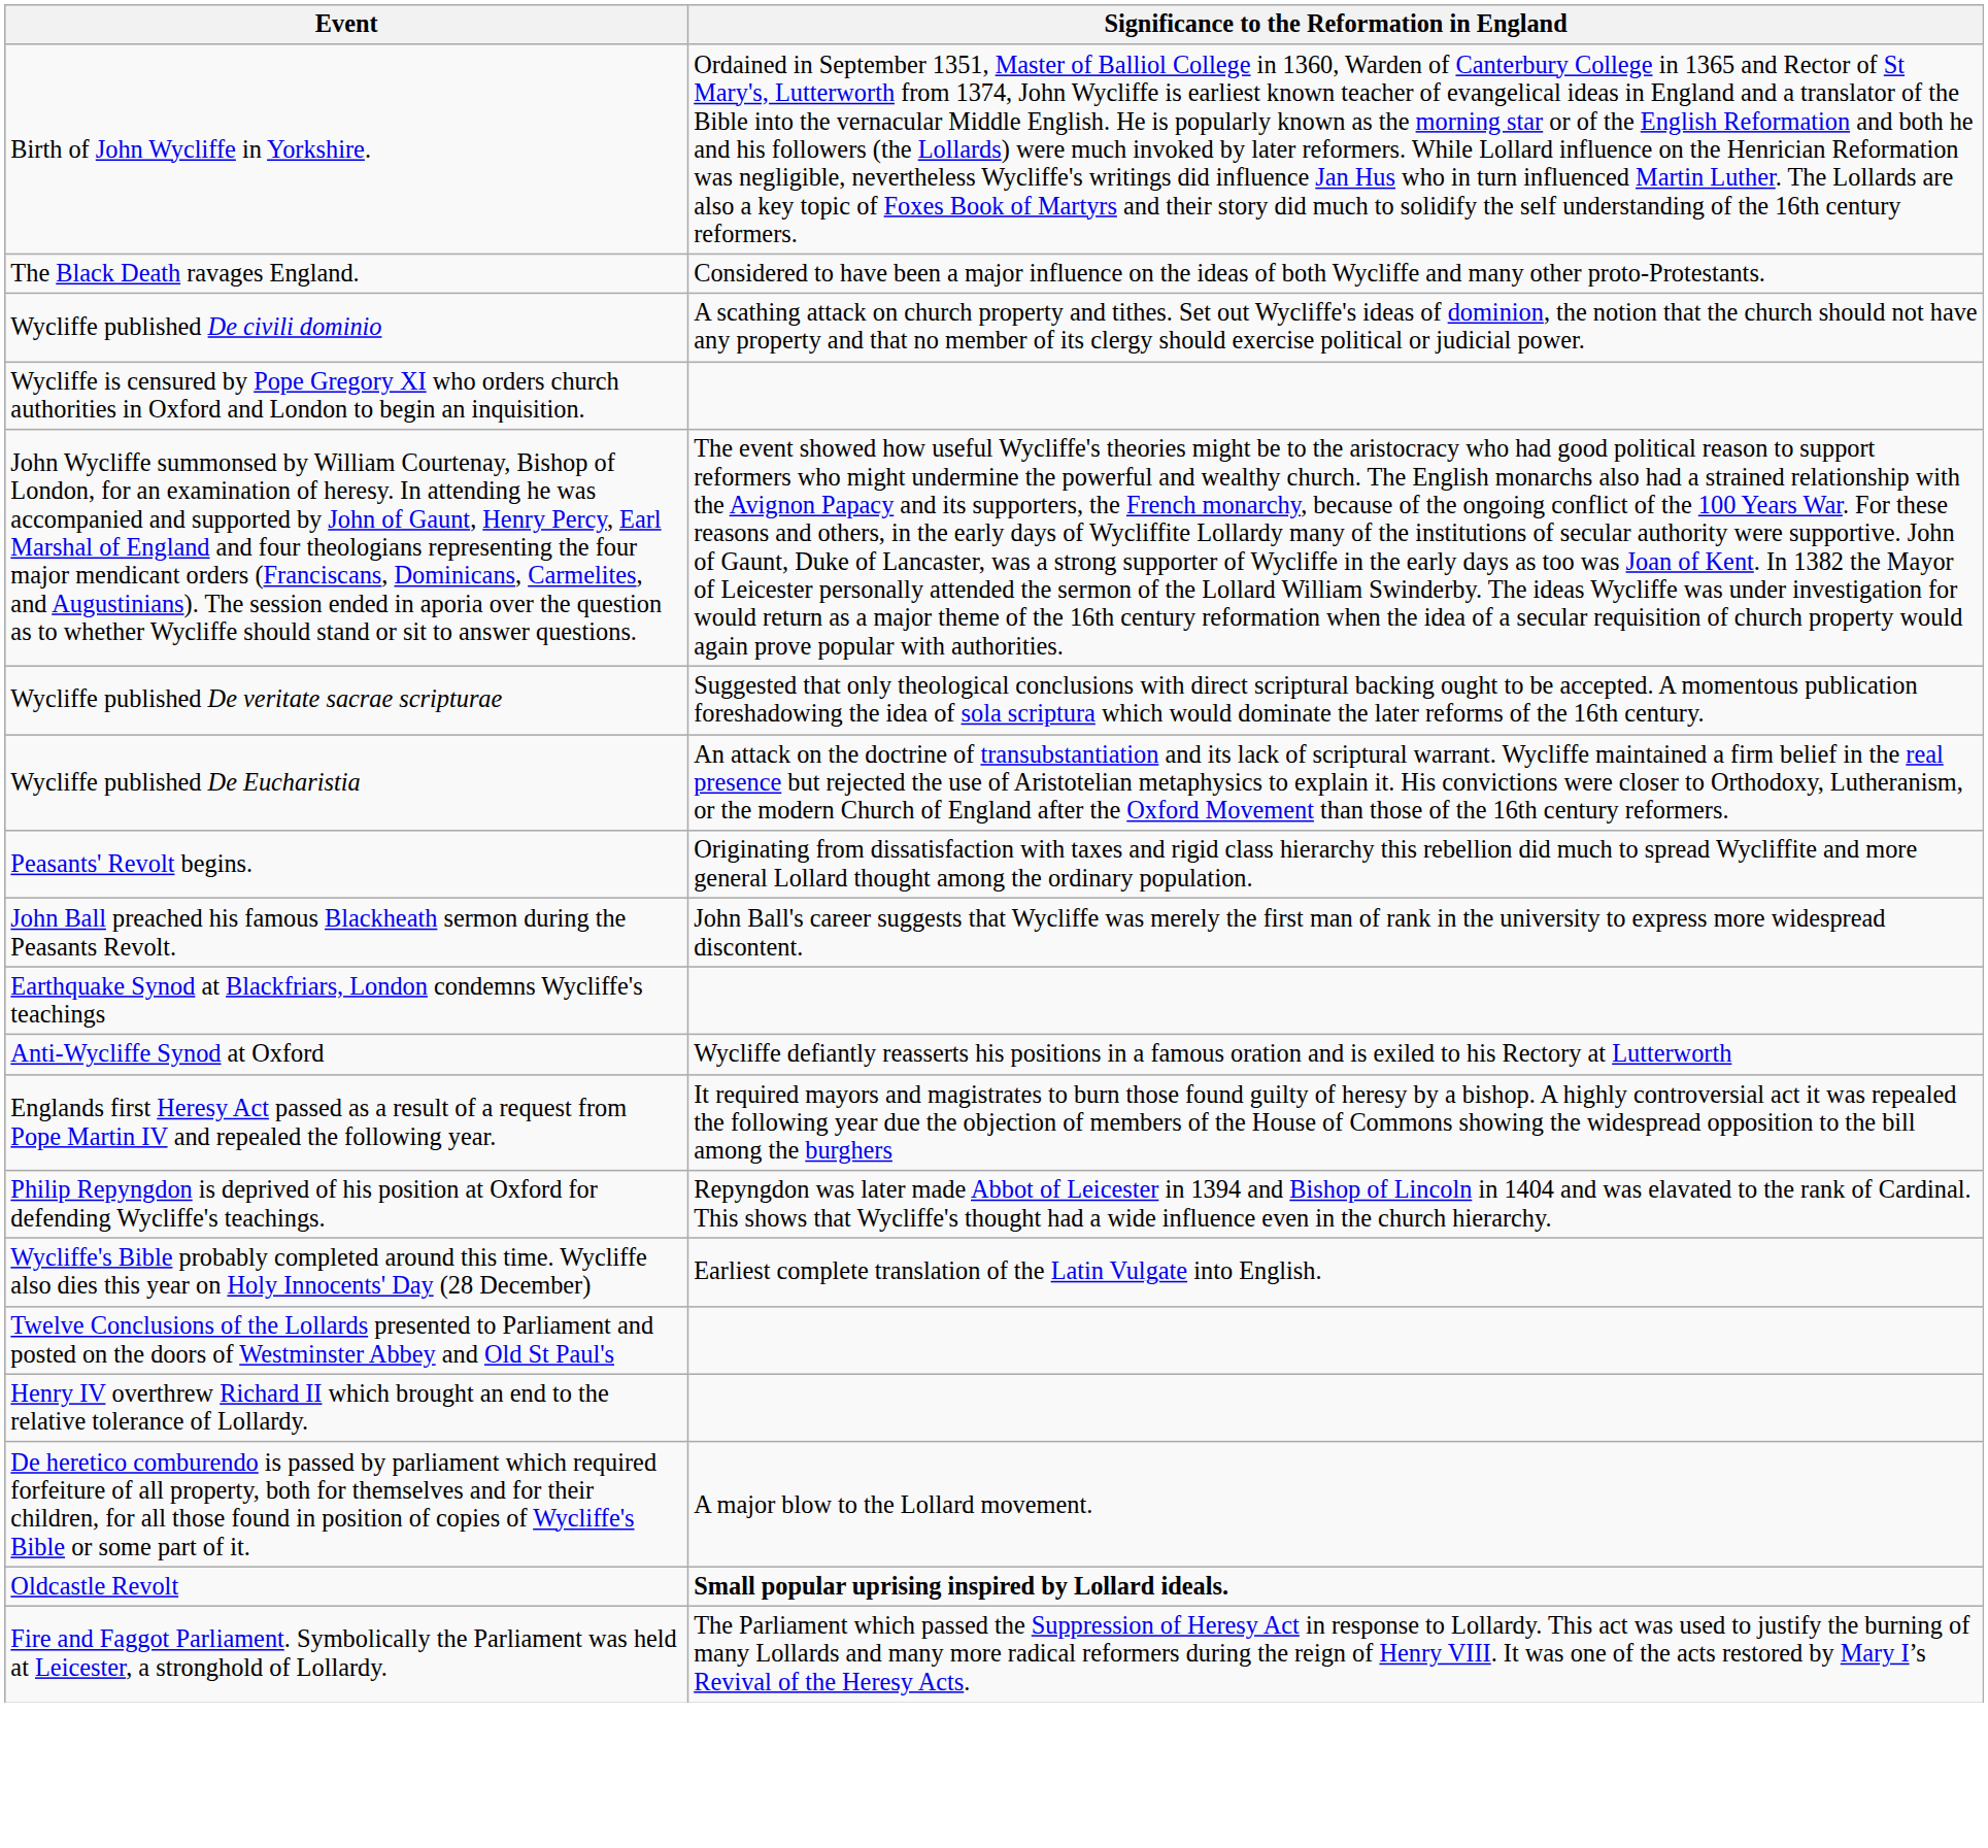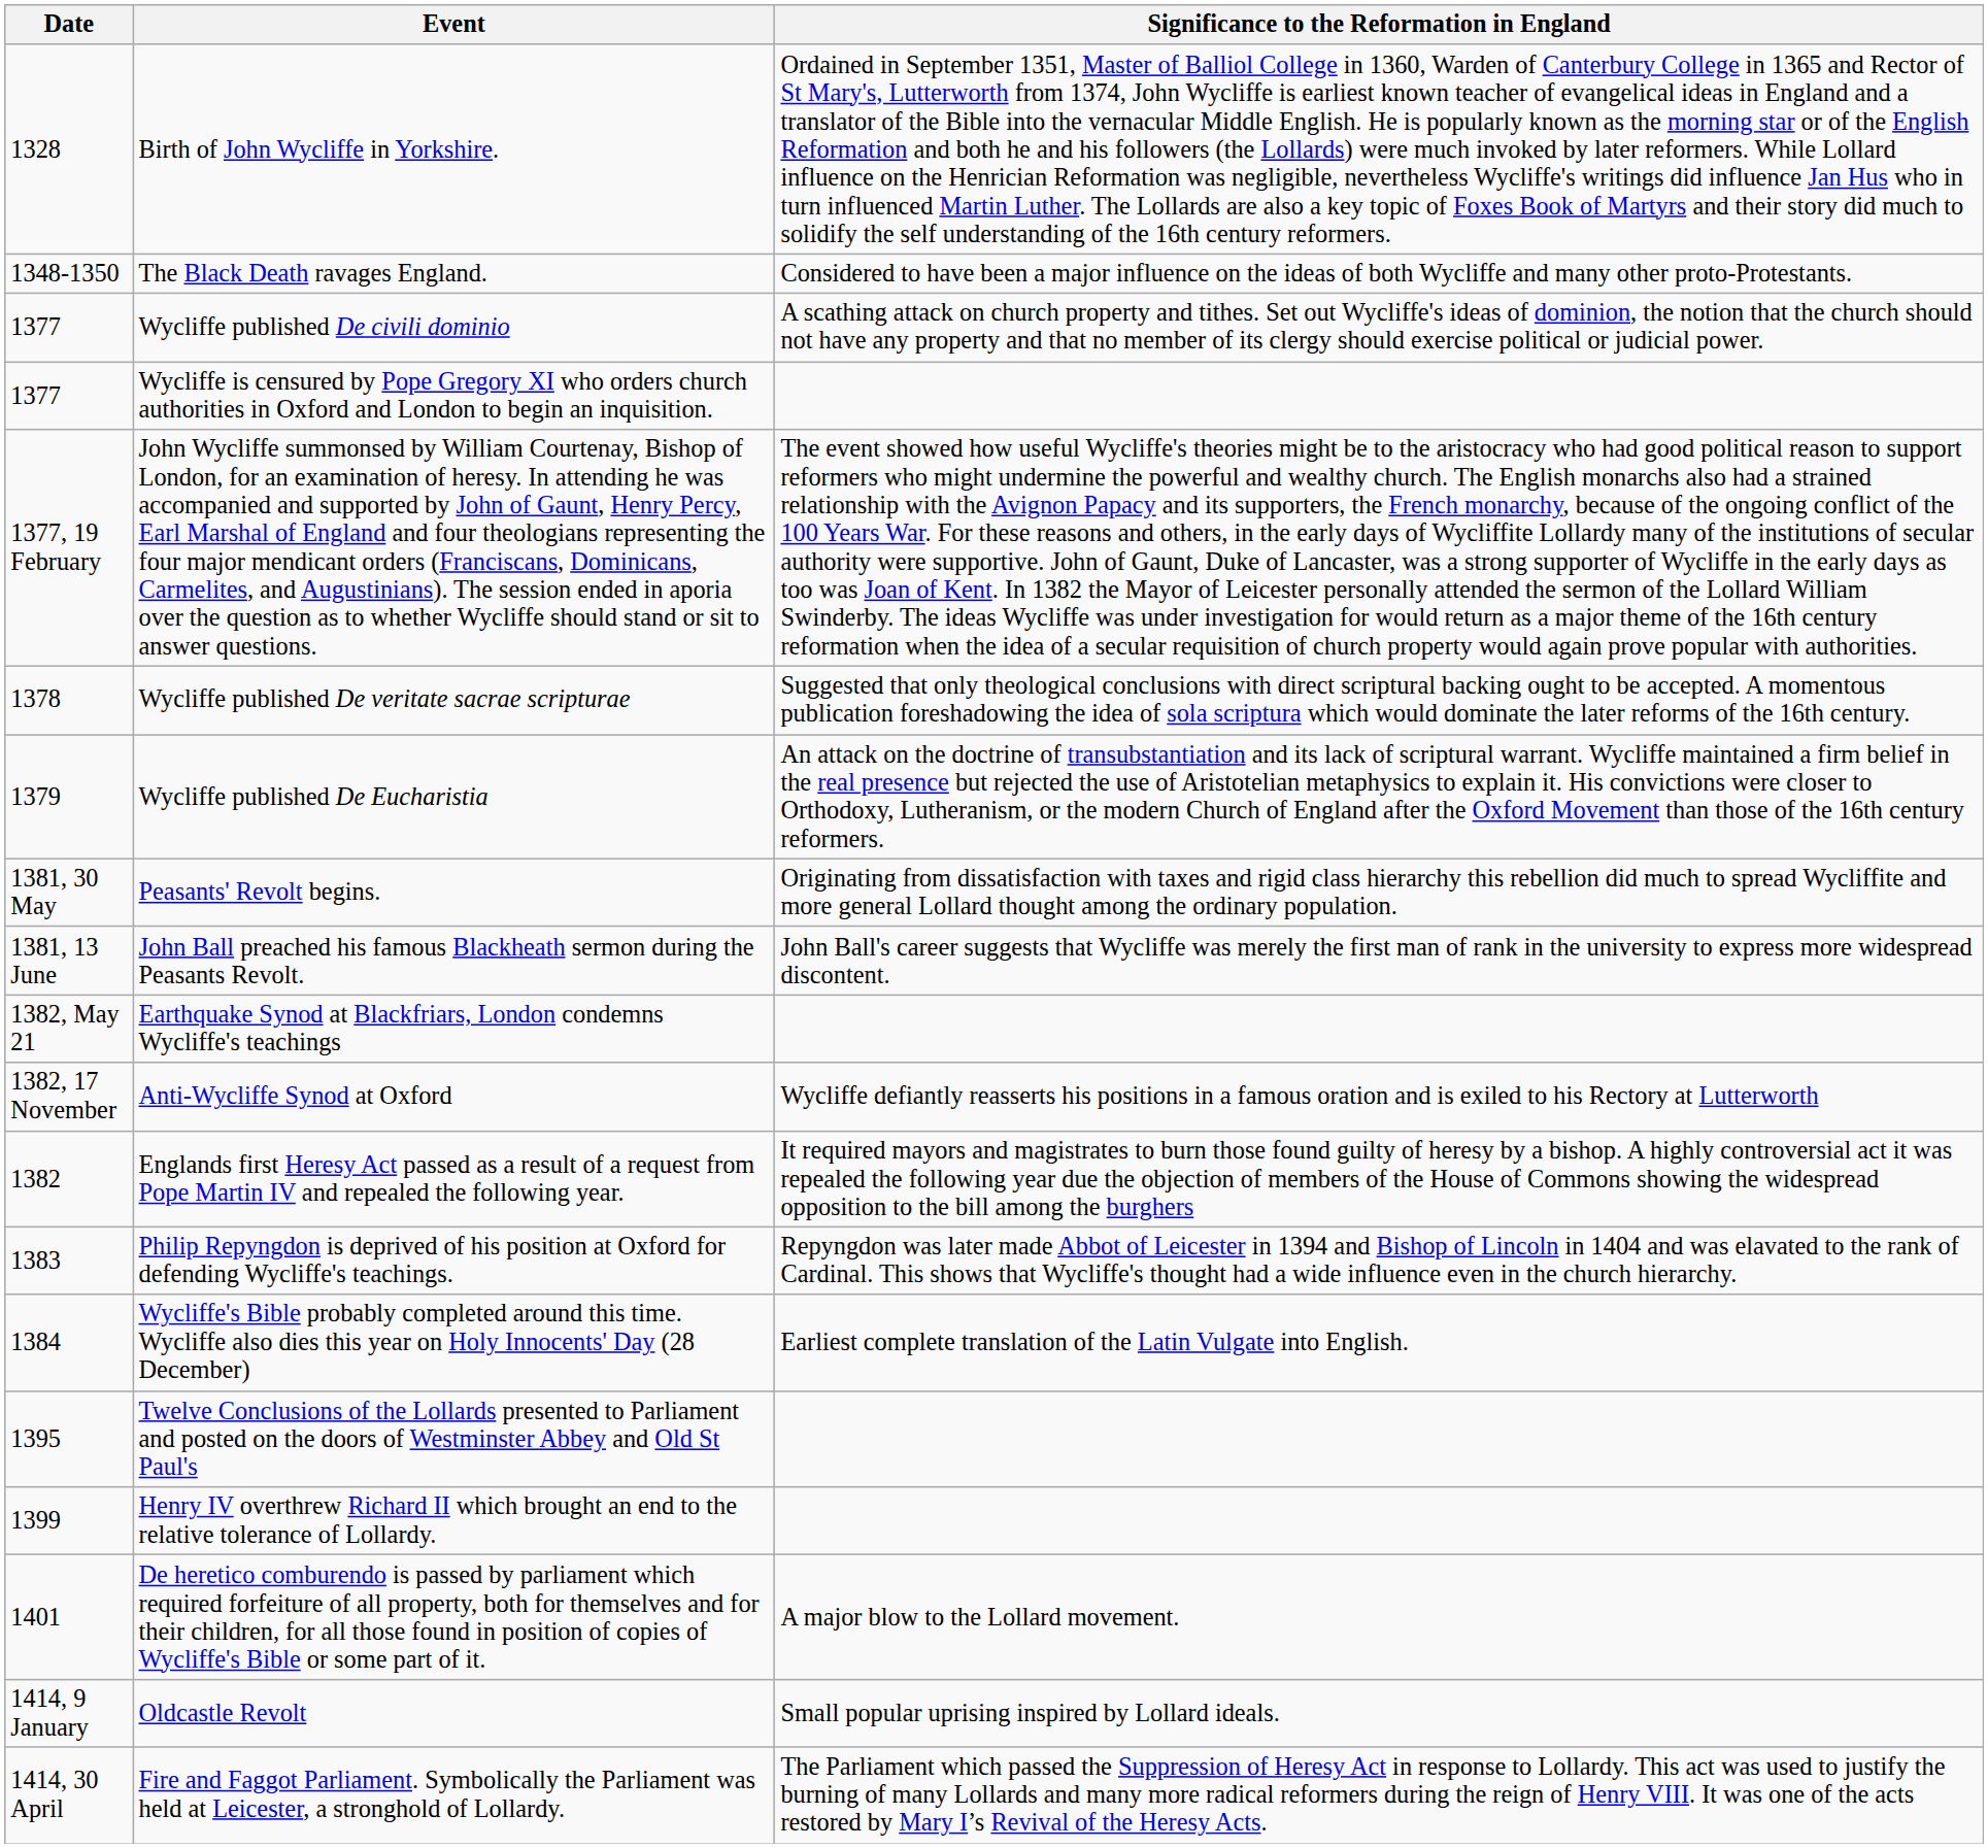 <table class="wikitable" width="100%">
 <tr>
+<th>Date</th>
 <th>Event</th>
 <th>Significance to the Reformation in England</th>
 </tr>
 <tr>
+<td> 1328</td>
 <td>Birth of <a href='#'>John Wycliffe</a> in <a href='#'>Yorkshire</a>.</td>
 <td>Ordained in September 1351, <a href='#'>Master of Balliol College</a> in 1360, Warden of <a href='#'>Canterbury College</a> in 1365 and Rector of <a href='#'>St Mary's, Lutterworth</a> from 1374, John Wycliffe is earliest known teacher of evangelical ideas in England and a translator of the Bible into the vernacular Middle English. He is popularly known as the <a href='#'>morning star</a> or   of the <a href='#'>English Reformation</a> and both he and his followers (the <a href='#'>Lollards</a>) were much invoked by later reformers. While Lollard influence on the Henrician Reformation was negligible, nevertheless Wycliffe's writings did influence <a href='#'>Jan Hus</a> who in turn influenced <a href='#'>Martin Luther</a>. The Lollards are also a key topic of <a href='#'>Foxes Book of Martyrs</a> and their story did much to solidify the self understanding of the 16th century reformers.</td>
 </tr>
 <tr>
+<td>1348-1350</td>
 <td>The <a href='#'>Black Death</a> ravages England.</td>
 <td>Considered to have been a major influence on the ideas of both Wycliffe and many other proto-Protestants.</td>
 </tr>
 <tr>
+<td> 1377</td>
 <td>Wycliffe published <em><a href='#'>De civili dominio</a></em></td>
 <td>A scathing attack on church property and tithes. Set out Wycliffe's ideas of <a href='#'>dominion</a>, the notion that the church should not have any property and that no member of its clergy should exercise political or judicial power.</td>
 </tr>
 <tr>
+<td>1377</td>
 <td>Wycliffe is censured by <a href='#'>Pope Gregory XI</a> who orders church authorities in Oxford and London to begin an inquisition.</td>
 <td></td>
 </tr>
 <tr>
+<td>1377, 19 February</td>
 <td>John Wycliffe summonsed by William Courtenay, Bishop of London, for an examination of heresy. In attending he was accompanied and supported by <a href='#'>John of Gaunt</a>, <a href='#'>Henry Percy</a>, <a href='#'>Earl Marshal of England</a> and four theologians representing the four major mendicant orders (<a href='#'>Franciscans</a>, <a href='#'>Dominicans</a>, <a href='#'>Carmelites</a>, and <a href='#'>Augustinians</a>). The session ended in aporia over the question as to whether Wycliffe should stand or sit to answer questions.</td>
 <td>The event showed how useful Wycliffe's theories might be to the aristocracy who had good political reason to support reformers who might undermine the powerful and wealthy church. The English monarchs also had a strained relationship with the <a href='#'>Avignon Papacy</a> and its supporters, the <a href='#'>French monarchy</a>, because of the ongoing conflict of the <a href='#'>100 Years War</a>. For these reasons and others, in the early days of Wycliffite Lollardy many of the institutions of secular authority were supportive. John of Gaunt, Duke of Lancaster, was a strong supporter of Wycliffe in the early days as too was <a href='#'>Joan of Kent</a>. In 1382 the Mayor of Leicester personally attended the sermon of the Lollard William Swinderby. The ideas Wycliffe was under investigation for would return as a major theme of the 16th century reformation when the idea of a secular requisition of church property would again prove popular with authorities.</td>
 </tr>
 <tr>
+<td> 1378</td>
 <td>Wycliffe published <em>De veritate sacrae scripturae</em></td>
 <td>Suggested that only theological conclusions with direct scriptural backing ought to be accepted. A momentous publication foreshadowing the idea of <a href='#'>sola scriptura</a> which would dominate the later reforms of the 16th century.</td>
 </tr>
 <tr>
+<td> 1379</td>
 <td>Wycliffe published <em>De Eucharistia</em></td>
 <td>An attack on the doctrine of <a href='#'>transubstantiation</a> and its lack of scriptural warrant. Wycliffe maintained a firm belief in the <a href='#'>real presence</a> but rejected the use of Aristotelian metaphysics to explain it. His convictions were closer to Orthodoxy, Lutheranism, or the modern Church of England after the <a href='#'>Oxford Movement</a> than those of the 16th century reformers.</td>
 </tr>
 <tr>
+<td>1381, 30 May</td>
 <td><a href='#'>Peasants' Revolt</a> begins.</td>
 <td>Originating from dissatisfaction with taxes and rigid class hierarchy this rebellion did much to spread Wycliffite and more general Lollard thought among the ordinary population.</td>
 </tr>
 <tr>
+<td>1381, 13 June</td>
 <td><a href='#'>John Ball</a> preached his famous <a href='#'>Blackheath</a> sermon during the Peasants Revolt.</td>
 <td>John Ball's career suggests that Wycliffe was merely the first man of rank in the university to express more widespread discontent.</td>
 </tr>
 <tr>
+<td>1382, May 21</td>
 <td><a href='#'>Earthquake Synod</a> at <a href='#'>Blackfriars, London</a> condemns Wycliffe's teachings</td>
 <td></td>
 </tr>
 <tr>
+<td>1382, 17 November</td>
 <td><a href='#'>Anti-Wycliffe Synod</a>  at Oxford</td>
 <td>Wycliffe defiantly reasserts his positions in a famous oration and is exiled to his Rectory at <a href='#'>Lutterworth</a></td>
 </tr>
 <tr>
+<td>1382</td>
 <td>Englands first <a href='#'>Heresy Act</a> passed as a result of a request from <a href='#'>Pope Martin IV</a> and repealed the following year.</td>
 <td>It required mayors and magistrates to burn those found guilty of heresy by a bishop. A highly controversial act it was repealed the following year due the objection of members of the House of Commons showing the widespread opposition to the bill among the <a href='#'>burghers</a></td>
 </tr>
 <tr>
+<td> 1383</td>
 <td><a href='#'>Philip Repyngdon</a> is deprived of his position at Oxford for defending Wycliffe's teachings.</td>
 <td>Repyngdon was later made <a href='#'>Abbot of Leicester</a> in 1394 and <a href='#'>Bishop of Lincoln</a> in 1404 and was elavated to the rank of Cardinal. This shows that Wycliffe's thought had a wide influence even in the church hierarchy.</td>
 </tr>
 <tr>
+<td>1384</td>
 <td><a href='#'>Wycliffe's Bible</a> probably completed around this time. Wycliffe also dies this year on <a href='#'>Holy Innocents' Day</a> (28 December)</td>
 <td>Earliest complete translation of the <a href='#'>Latin Vulgate</a> into English.</td>
 </tr>
 <tr>
+<td>1395</td>
 <td><a href='#'>Twelve Conclusions of the Lollards</a> presented to Parliament and posted on the doors of <a href='#'>Westminster Abbey</a> and <a href='#'>Old St Paul's</a></td>
 <td></td>
 </tr>
 <tr>
+<td>1399</td>
 <td><a href='#'>Henry IV</a> overthrew <a href='#'>Richard II</a> which brought an end to the relative tolerance of Lollardy.</td>
 <td></td>
 </tr>
 <tr>
+<td>1401</td>
 <td><a href='#'>De heretico comburendo</a> is passed by parliament which required forfeiture of all property, both for themselves and for their children, for all those found in position of copies of <a href='#'>Wycliffe's Bible</a> or some part of it.</td>
 <td>A major blow to the Lollard movement.</td>
 </tr>
 <tr>
+<td>1414, 9 January</td>
 <td><a href='#'>Oldcastle Revolt</a></td>
-<td><strong>Small popular uprising inspired by Lollard ideals.</strong></td>
+<td>Small popular uprising inspired by Lollard ideals.</td>
 </tr>
 <tr>
+<td>1414, 30 April</td>
 <td><a href='#'>Fire and Faggot Parliament</a>. Symbolically the Parliament was held at <a href='#'>Leicester</a>, a stronghold of Lollardy.</td>
 <td>The Parliament which passed the <a href='#'>Suppression of Heresy Act</a> in response to Lollardy. This act was used to justify the burning of many Lollards and many more radical reformers during the reign of <a href='#'>Henry VIII</a>. It was one of the acts restored by <a href='#'>Mary I</a>’s <a href='#'>Revival of the Heresy Acts</a>.</td>
 </tr>
 </table>
